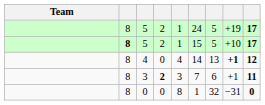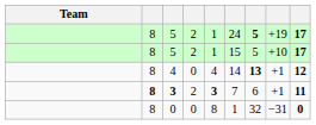 <table class="wikitable" style="text-align: center;">
 <tr>
 <th width=175>Team</th>
 <th width=20></th>
 <th width=20></th>
 <th width=20></th>
 <th width=20></th>
 <th width=20></th>
 <th width=20></th>
 <th width=20></th>
 <th width=20></th>
 </tr>
 <tr bgcolor="#ccffcc">
 <td align="left"></td>
 <td>8</td>
 <td>5</td>
 <td>2</td>
 <td>1</td>
 <td>24</td>
-<td>5</td>
+<td><strong>5</strong></td>
 <td>+19</td>
 <td><strong>17</strong></td>
 </tr>
 <tr bgcolor="#ccffcc">
 <td align="left"></td>
-<td><strong>8</strong></td>
+<td>8</td>
 <td>5</td>
 <td>2</td>
 <td>1</td>
 <td>15</td>
 <td>5</td>
 <td>+10</td>
 <td><strong>17</strong></td>
 </tr>
 <tr bgcolor=>
 <td align="left"></td>
 <td>8</td>
 <td>4</td>
 <td>0</td>
 <td>4</td>
 <td>14</td>
-<td>13</td>
-<td><strong>+1</strong></td>
+<td><strong>13</strong></td>
+<td>+1</td>
 <td><strong>12</strong></td>
 </tr>
 <tr bgcolor=>
 <td align="left"></td>
-<td>8</td>
-<td>3</td>
-<td><strong>2</strong></td>
-<td>3</td>
+<td><strong>8</strong></td>
+<td><strong>3</strong></td>
+<td>2</td>
+<td><strong>3</strong></td>
 <td>7</td>
 <td>6</td>
 <td>+1</td>
 <td><strong>11</strong></td>
 </tr>
 <tr bgcolor=>
 <td align="left"></td>
 <td>8</td>
 <td>0</td>
 <td>0</td>
 <td>8</td>
 <td>1</td>
 <td>32</td>
 <td>−31</td>
 <td><strong>0</strong></td>
 </tr>
 </table>
